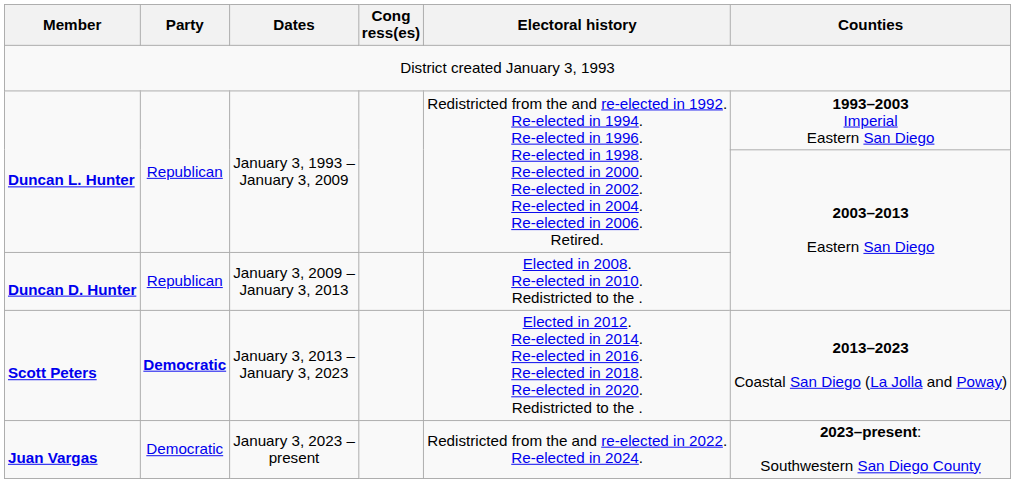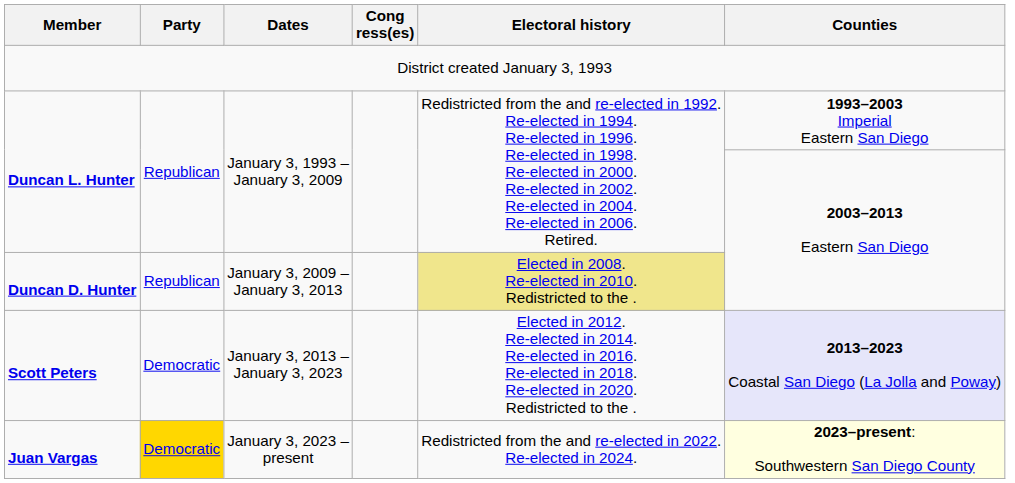 <table class=wikitable style="text-align:center">
 <tr>
 <th>Member</th>
 <th>Party</th>
 <th>Dates</th>
 <th>Cong<br>ress(es)</th>
 <th>Electoral history</th>
 <th>Counties</th>
 </tr>
 <tr style="height:3em">
 <td colspan=6>District created January 3, 1993</td>
 </tr>
 <tr style="height:3em">
 <td rowspan=2 align=left><br><strong><a href='#'>Duncan L. Hunter</a></strong><br></td>
 <td rowspan=2 ><a href='#'>Republican</a></td>
 <td rowspan=2 nowrap>January 3, 1993 –<br>January 3, 2009</td>
 <td rowspan=2></td>
 <td rowspan=2>Redistricted from the  and <a href='#'>re-elected in 1992</a>.<br><a href='#'>Re-elected in 1994</a>.<br><a href='#'>Re-elected in 1996</a>.<br><a href='#'>Re-elected in 1998</a>.<br><a href='#'>Re-elected in 2000</a>.<br><a href='#'>Re-elected in 2002</a>.<br><a href='#'>Re-elected in 2004</a>.<br><a href='#'>Re-elected in 2006</a>.<br>Retired.</td>
 <td><strong>1993–2003</strong><br><a href='#'>Imperial</a><br>Eastern <a href='#'>San Diego</a></td>
 </tr>
 <tr style="height:3em">
 <td rowspan=2><strong>2003–2013</strong><br><br>Eastern <a href='#'>San Diego</a></td>
 </tr>
 <tr style="height:3em">
 <td align=left><br><strong><a href='#'>Duncan D. Hunter</a></strong><br></td>
 <td><a href='#'>Republican</a></td>
 <td nowrap>January 3, 2009 –<br>January 3, 2013</td>
 <td></td>
-<td><a href='#'>Elected in 2008</a>.<br><a href='#'>Re-elected in 2010</a>.<br>Redistricted to the .</td>
+<td style="background: khaki;"><a href='#'>Elected in 2008</a>.<br><a href='#'>Re-elected in 2010</a>.<br>Redistricted to the .</td>
 </tr>
 <tr style="height:3em">
 <td align=left><br><strong><a href='#'>Scott Peters</a></strong><br></td>
-<td><strong><a href='#'>Democratic</a></strong></td>
+<td><a href='#'>Democratic</a></td>
 <td nowrap>January 3, 2013 –<br>January 3, 2023</td>
 <td></td>
 <td><a href='#'>Elected in 2012</a>.<br><a href='#'>Re-elected in 2014</a>.<br><a href='#'>Re-elected in 2016</a>.<br><a href='#'>Re-elected in 2018</a>.<br><a href='#'>Re-elected in 2020</a>.<br>Redistricted to the .</td>
-<td><strong>2013–2023</strong><br><br>Coastal <a href='#'>San Diego</a> (<a href='#'>La Jolla</a> and <a href='#'>Poway</a>)</td>
+<td style="background: lavender;"><strong>2013–2023</strong><br><br>Coastal <a href='#'>San Diego</a> (<a href='#'>La Jolla</a> and <a href='#'>Poway</a>)</td>
 </tr>
 <tr style="height:3em">
 <td align=left><br><strong><a href='#'>Juan Vargas</a></strong><br></td>
-<td><a href='#'>Democratic</a></td>
+<td style="background: gold;"><a href='#'>Democratic</a></td>
 <td nowrap>January 3, 2023 –<br>present</td>
 <td></td>
 <td>Redistricted from the  and <a href='#'>re-elected in 2022</a>.<br><a href='#'>Re-elected in 2024</a>.</td>
-<td><strong>2023–present</strong>:<br><br>Southwestern <a href='#'>San Diego County</a></td>
+<td style="background: lightyellow;"><strong>2023–present</strong>:<br><br>Southwestern <a href='#'>San Diego County</a></td>
 </tr>
 </table>
